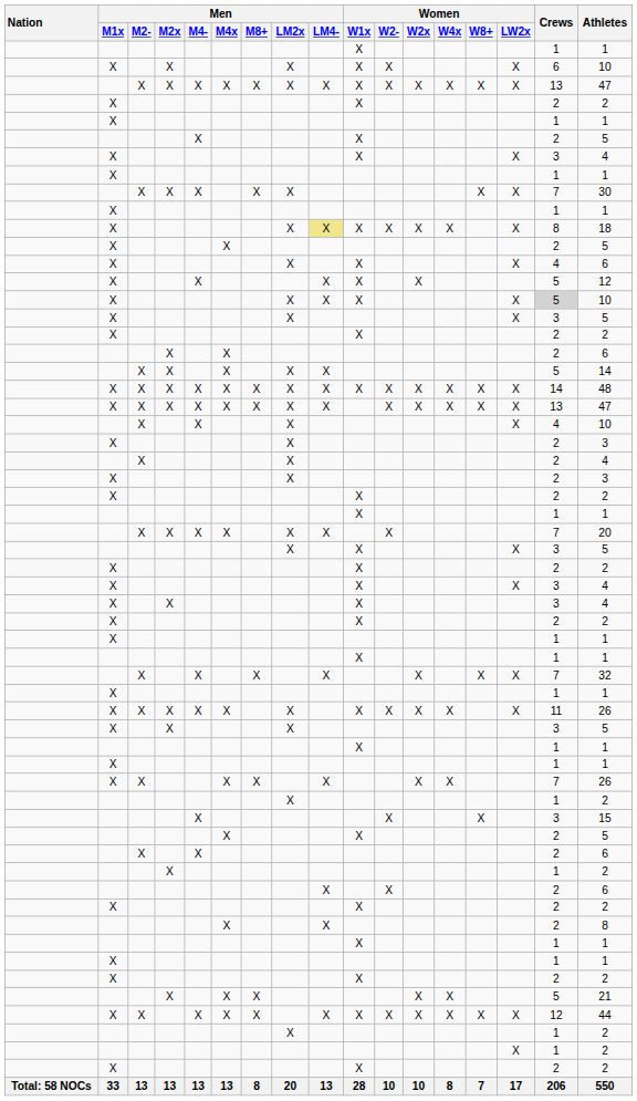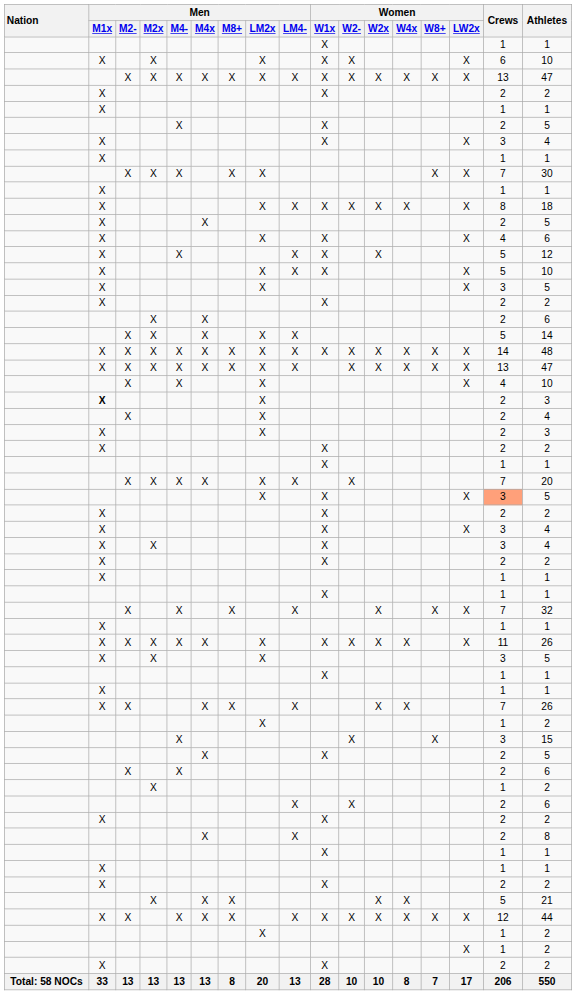 <table class="wikitable" width=800 style="text-align:center; font-size:90%">
 <tr>
 <th rowspan="2" style="text-align:left;">Nation</th>
 <th colspan="8">Men</th>
 <th colspan="6">Women</th>
 <th rowspan="2">Crews</th>
 <th rowspan=2>Athletes</th>
 </tr>
 <tr>
 <th><a href='#'>M1x</a></th>
 <th><a href='#'>M2-</a></th>
 <th><a href='#'>M2x</a></th>
 <th><a href='#'>M4-</a></th>
 <th><a href='#'>M4x</a></th>
 <th><a href='#'>M8+</a></th>
 <th><a href='#'>LM2x</a></th>
 <th><a href='#'>LM4-</a></th>
 <th><a href='#'>W1x</a></th>
 <th><a href='#'>W2-</a></th>
 <th><a href='#'>W2x</a></th>
 <th><a href='#'>W4x</a></th>
 <th><a href='#'>W8+</a></th>
 <th><a href='#'>LW2x</a></th>
 </tr>
 <tr>
 <td style="text-align:left;"></td>
 <td></td>
 <td></td>
 <td></td>
 <td></td>
 <td></td>
 <td></td>
 <td></td>
 <td></td>
 <td>X</td>
 <td></td>
 <td></td>
 <td></td>
 <td></td>
 <td></td>
 <td>1</td>
 <td>1</td>
 </tr>
 <tr>
 <td style="text-align:left;"></td>
 <td>X</td>
 <td></td>
 <td>X</td>
 <td></td>
 <td></td>
 <td></td>
 <td>X</td>
 <td></td>
 <td>X</td>
 <td>X</td>
 <td></td>
 <td></td>
 <td></td>
 <td>X</td>
 <td>6</td>
 <td>10</td>
 </tr>
 <tr>
 <td style="text-align:left;"></td>
 <td></td>
 <td>X</td>
 <td>X</td>
 <td>X</td>
 <td>X</td>
 <td>X</td>
 <td>X</td>
 <td>X</td>
 <td>X</td>
 <td>X</td>
 <td>X</td>
 <td>X</td>
 <td>X</td>
 <td>X</td>
 <td>13</td>
 <td>47</td>
 </tr>
 <tr>
 <td style="text-align:left;"></td>
 <td>X</td>
 <td></td>
 <td></td>
 <td></td>
 <td></td>
 <td></td>
 <td></td>
 <td></td>
 <td>X</td>
 <td></td>
 <td></td>
 <td></td>
 <td></td>
 <td></td>
 <td>2</td>
 <td>2</td>
 </tr>
 <tr>
 <td style="text-align:left;"></td>
 <td>X</td>
 <td></td>
 <td></td>
 <td></td>
 <td></td>
 <td></td>
 <td></td>
 <td></td>
 <td></td>
 <td></td>
 <td></td>
 <td></td>
 <td></td>
 <td></td>
 <td>1</td>
 <td>1</td>
 </tr>
 <tr>
 <td style="text-align:left;"></td>
 <td></td>
 <td></td>
 <td></td>
 <td>X</td>
 <td></td>
 <td></td>
 <td></td>
 <td></td>
 <td>X</td>
 <td></td>
 <td></td>
 <td></td>
 <td></td>
 <td></td>
 <td>2</td>
 <td>5</td>
 </tr>
 <tr>
 <td style="text-align:left;"></td>
 <td>X</td>
 <td></td>
 <td></td>
 <td></td>
 <td></td>
 <td></td>
 <td></td>
 <td></td>
 <td>X</td>
 <td></td>
 <td></td>
 <td></td>
 <td></td>
 <td>X</td>
 <td>3</td>
 <td>4</td>
 </tr>
 <tr>
 <td style="text-align:left;"></td>
 <td>X</td>
 <td></td>
 <td></td>
 <td></td>
 <td></td>
 <td></td>
 <td></td>
 <td></td>
 <td></td>
 <td></td>
 <td></td>
 <td></td>
 <td></td>
 <td></td>
 <td>1</td>
 <td>1</td>
 </tr>
 <tr>
 <td style="text-align:left;"></td>
 <td></td>
 <td>X</td>
 <td>X</td>
 <td>X</td>
 <td></td>
 <td>X</td>
 <td>X</td>
 <td></td>
 <td></td>
 <td></td>
 <td></td>
 <td></td>
 <td>X</td>
 <td>X</td>
 <td>7</td>
 <td>30</td>
 </tr>
 <tr>
 <td style="text-align:left;"></td>
 <td>X</td>
 <td></td>
 <td></td>
 <td></td>
 <td></td>
 <td></td>
 <td></td>
 <td></td>
 <td></td>
 <td></td>
 <td></td>
 <td></td>
 <td></td>
 <td></td>
 <td>1</td>
 <td>1</td>
 </tr>
 <tr>
 <td style="text-align:left;"></td>
 <td>X</td>
 <td></td>
 <td></td>
 <td></td>
 <td></td>
 <td></td>
 <td>X</td>
-<td style="background: khaki;">X</td>
+<td>X</td>
 <td>X</td>
 <td>X</td>
 <td>X</td>
 <td>X</td>
 <td></td>
 <td>X</td>
 <td>8</td>
 <td>18</td>
 </tr>
 <tr>
 <td style="text-align:left;"></td>
 <td>X</td>
 <td></td>
 <td></td>
 <td></td>
 <td>X</td>
 <td></td>
 <td></td>
 <td></td>
 <td></td>
 <td></td>
 <td></td>
 <td></td>
 <td></td>
 <td></td>
 <td>2</td>
 <td>5</td>
 </tr>
 <tr>
 <td style="text-align:left;"></td>
 <td>X</td>
 <td></td>
 <td></td>
 <td></td>
 <td></td>
 <td></td>
 <td>X</td>
 <td></td>
 <td>X</td>
 <td></td>
 <td></td>
 <td></td>
 <td></td>
 <td>X</td>
 <td>4</td>
 <td>6</td>
 </tr>
 <tr>
 <td style="text-align:left;"></td>
 <td>X</td>
 <td></td>
 <td></td>
 <td>X</td>
 <td></td>
 <td></td>
 <td></td>
 <td>X</td>
 <td>X</td>
 <td></td>
 <td>X</td>
 <td></td>
 <td></td>
 <td></td>
 <td>5</td>
 <td>12</td>
 </tr>
 <tr>
 <td style="text-align:left;"></td>
 <td>X</td>
 <td></td>
 <td></td>
 <td></td>
 <td></td>
 <td></td>
 <td>X</td>
 <td>X</td>
 <td>X</td>
 <td></td>
 <td></td>
 <td></td>
 <td></td>
 <td>X</td>
-<td style="background: lightgrey;">5</td>
+<td>5</td>
 <td>10</td>
 </tr>
 <tr>
 <td style="text-align:left;"></td>
 <td>X</td>
 <td></td>
 <td></td>
 <td></td>
 <td></td>
 <td></td>
 <td>X</td>
 <td></td>
 <td></td>
 <td></td>
 <td></td>
 <td></td>
 <td></td>
 <td>X</td>
 <td>3</td>
 <td>5</td>
 </tr>
 <tr>
 <td style="text-align:left;"></td>
 <td>X</td>
 <td></td>
 <td></td>
 <td></td>
 <td></td>
 <td></td>
 <td></td>
 <td></td>
 <td>X</td>
 <td></td>
 <td></td>
 <td></td>
 <td></td>
 <td></td>
 <td>2</td>
 <td>2</td>
 </tr>
 <tr>
 <td style="text-align:left;"></td>
 <td></td>
 <td></td>
 <td>X</td>
 <td></td>
 <td>X</td>
 <td></td>
 <td></td>
 <td></td>
 <td></td>
 <td></td>
 <td></td>
 <td></td>
 <td></td>
 <td></td>
 <td>2</td>
 <td>6</td>
 </tr>
 <tr>
 <td style="text-align:left;"></td>
 <td></td>
 <td>X</td>
 <td>X</td>
 <td></td>
 <td>X</td>
 <td></td>
 <td>X</td>
 <td>X</td>
 <td></td>
 <td></td>
 <td></td>
 <td></td>
 <td></td>
 <td></td>
 <td>5</td>
 <td>14</td>
 </tr>
 <tr>
 <td style="text-align:left;"></td>
 <td>X</td>
 <td>X</td>
 <td>X</td>
 <td>X</td>
 <td>X</td>
 <td>X</td>
 <td>X</td>
 <td>X</td>
 <td>X</td>
 <td>X</td>
 <td>X</td>
 <td>X</td>
 <td>X</td>
 <td>X</td>
 <td>14</td>
 <td>48</td>
 </tr>
 <tr>
 <td style="text-align:left;"></td>
 <td>X</td>
 <td>X</td>
 <td>X</td>
 <td>X</td>
 <td>X</td>
 <td>X</td>
 <td>X</td>
 <td>X</td>
 <td></td>
 <td>X</td>
 <td>X</td>
 <td>X</td>
 <td>X</td>
 <td>X</td>
 <td>13</td>
 <td>47</td>
 </tr>
 <tr>
 <td style="text-align:left;"></td>
 <td></td>
 <td>X</td>
 <td></td>
 <td>X</td>
 <td></td>
 <td></td>
 <td>X</td>
 <td></td>
 <td></td>
 <td></td>
 <td></td>
 <td></td>
 <td></td>
 <td>X</td>
 <td>4</td>
 <td>10</td>
 </tr>
 <tr>
 <td style="text-align:left;"></td>
-<td>X</td>
+<td><strong>X</strong></td>
 <td></td>
 <td></td>
 <td></td>
 <td></td>
 <td></td>
 <td>X</td>
 <td></td>
 <td></td>
 <td></td>
 <td></td>
 <td></td>
 <td></td>
 <td></td>
 <td>2</td>
 <td>3</td>
 </tr>
 <tr>
 <td style="text-align:left;"></td>
 <td></td>
 <td>X</td>
 <td></td>
 <td></td>
 <td></td>
 <td></td>
 <td>X</td>
 <td></td>
 <td></td>
 <td></td>
 <td></td>
 <td></td>
 <td></td>
 <td></td>
 <td>2</td>
 <td>4</td>
 </tr>
 <tr>
 <td style="text-align:left;"></td>
 <td>X</td>
 <td></td>
 <td></td>
 <td></td>
 <td></td>
 <td></td>
 <td>X</td>
 <td></td>
 <td></td>
 <td></td>
 <td></td>
 <td></td>
 <td></td>
 <td></td>
 <td>2</td>
 <td>3</td>
 </tr>
 <tr>
 <td style="text-align:left;"></td>
 <td>X</td>
 <td></td>
 <td></td>
 <td></td>
 <td></td>
 <td></td>
 <td></td>
 <td></td>
 <td>X</td>
 <td></td>
 <td></td>
 <td></td>
 <td></td>
 <td></td>
 <td>2</td>
 <td>2</td>
 </tr>
 <tr>
 <td style="text-align:left;"></td>
 <td></td>
 <td></td>
 <td></td>
 <td></td>
 <td></td>
 <td></td>
 <td></td>
 <td></td>
 <td>X</td>
 <td></td>
 <td></td>
 <td></td>
 <td></td>
 <td></td>
 <td>1</td>
 <td>1</td>
 </tr>
 <tr>
 <td style="text-align:left;"></td>
 <td></td>
 <td>X</td>
 <td>X</td>
 <td>X</td>
 <td>X</td>
 <td></td>
 <td>X</td>
 <td>X</td>
 <td></td>
 <td>X</td>
 <td></td>
 <td></td>
 <td></td>
 <td></td>
 <td>7</td>
 <td>20</td>
 </tr>
 <tr>
 <td style="text-align:left;"></td>
 <td></td>
 <td></td>
 <td></td>
 <td></td>
 <td></td>
 <td></td>
 <td>X</td>
 <td></td>
 <td>X</td>
 <td></td>
 <td></td>
 <td></td>
 <td></td>
 <td>X</td>
-<td>3</td>
+<td style="background: lightsalmon;">3</td>
 <td>5</td>
 </tr>
 <tr>
 <td style="text-align:left;"></td>
 <td>X</td>
 <td></td>
 <td></td>
 <td></td>
 <td></td>
 <td></td>
 <td></td>
 <td></td>
 <td>X</td>
 <td></td>
 <td></td>
 <td></td>
 <td></td>
 <td></td>
 <td>2</td>
 <td>2</td>
 </tr>
 <tr>
 <td style="text-align:left;"></td>
 <td>X</td>
 <td></td>
 <td></td>
 <td></td>
 <td></td>
 <td></td>
 <td></td>
 <td></td>
 <td>X</td>
 <td></td>
 <td></td>
 <td></td>
 <td></td>
 <td>X</td>
 <td>3</td>
 <td>4</td>
 </tr>
 <tr>
 <td style="text-align:left;"></td>
 <td>X</td>
 <td></td>
 <td>X</td>
 <td></td>
 <td></td>
 <td></td>
 <td></td>
 <td></td>
 <td>X</td>
 <td></td>
 <td></td>
 <td></td>
 <td></td>
 <td></td>
 <td>3</td>
 <td>4</td>
 </tr>
 <tr>
 <td style="text-align:left;"></td>
 <td>X</td>
 <td></td>
 <td></td>
 <td></td>
 <td></td>
 <td></td>
 <td></td>
 <td></td>
 <td>X</td>
 <td></td>
 <td></td>
 <td></td>
 <td></td>
 <td></td>
 <td>2</td>
 <td>2</td>
 </tr>
 <tr>
 <td style="text-align:left;"></td>
 <td>X</td>
 <td></td>
 <td></td>
 <td></td>
 <td></td>
 <td></td>
 <td></td>
 <td></td>
 <td></td>
 <td></td>
 <td></td>
 <td></td>
 <td></td>
 <td></td>
 <td>1</td>
 <td>1</td>
 </tr>
 <tr>
 <td style="text-align:left;"></td>
 <td></td>
 <td></td>
 <td></td>
 <td></td>
 <td></td>
 <td></td>
 <td></td>
 <td></td>
 <td>X</td>
 <td></td>
 <td></td>
 <td></td>
 <td></td>
 <td></td>
 <td>1</td>
 <td>1</td>
 </tr>
 <tr>
 <td style="text-align:left;"></td>
 <td></td>
 <td>X</td>
 <td></td>
 <td>X</td>
 <td></td>
 <td>X</td>
 <td></td>
 <td>X</td>
 <td></td>
 <td></td>
 <td>X</td>
 <td></td>
 <td>X</td>
 <td>X</td>
 <td>7</td>
 <td>32</td>
 </tr>
 <tr>
 <td style="text-align:left;"></td>
 <td>X</td>
 <td></td>
 <td></td>
 <td></td>
 <td></td>
 <td></td>
 <td></td>
 <td></td>
 <td></td>
 <td></td>
 <td></td>
 <td></td>
 <td></td>
 <td></td>
 <td>1</td>
 <td>1</td>
 </tr>
 <tr>
 <td style="text-align:left;"></td>
 <td>X</td>
 <td>X</td>
 <td>X</td>
 <td>X</td>
 <td>X</td>
 <td></td>
 <td>X</td>
 <td></td>
 <td>X</td>
 <td>X</td>
 <td>X</td>
 <td>X</td>
 <td></td>
 <td>X</td>
 <td>11</td>
 <td>26</td>
 </tr>
 <tr>
 <td style="text-align:left;"></td>
 <td>X</td>
 <td></td>
 <td>X</td>
 <td></td>
 <td></td>
 <td></td>
 <td>X</td>
 <td></td>
 <td></td>
 <td></td>
 <td></td>
 <td></td>
 <td></td>
 <td></td>
 <td>3</td>
 <td>5</td>
 </tr>
 <tr>
 <td style="text-align:left;"></td>
 <td></td>
 <td></td>
 <td></td>
 <td></td>
 <td></td>
 <td></td>
 <td></td>
 <td></td>
 <td>X</td>
 <td></td>
 <td></td>
 <td></td>
 <td></td>
 <td></td>
 <td>1</td>
 <td>1</td>
 </tr>
 <tr>
 <td style="text-align:left;"></td>
 <td>X</td>
 <td></td>
 <td></td>
 <td></td>
 <td></td>
 <td></td>
 <td></td>
 <td></td>
 <td></td>
 <td></td>
 <td></td>
 <td></td>
 <td></td>
 <td></td>
 <td>1</td>
 <td>1</td>
 </tr>
 <tr>
 <td style="text-align:left;"></td>
 <td>X</td>
 <td>X</td>
 <td></td>
 <td></td>
 <td>X</td>
 <td>X</td>
 <td></td>
 <td>X</td>
 <td></td>
 <td></td>
 <td>X</td>
 <td>X</td>
 <td></td>
 <td></td>
 <td>7</td>
 <td>26</td>
 </tr>
 <tr>
 <td style="text-align:left;"></td>
 <td></td>
 <td></td>
 <td></td>
 <td></td>
 <td></td>
 <td></td>
 <td>X</td>
 <td></td>
 <td></td>
 <td></td>
 <td></td>
 <td></td>
 <td></td>
 <td></td>
 <td>1</td>
 <td>2</td>
 </tr>
 <tr>
 <td style="text-align:left;"></td>
 <td></td>
 <td></td>
 <td></td>
 <td>X</td>
 <td></td>
 <td></td>
 <td></td>
 <td></td>
 <td></td>
 <td>X</td>
 <td></td>
 <td></td>
 <td>X</td>
 <td></td>
 <td>3</td>
 <td>15</td>
 </tr>
 <tr>
 <td style="text-align:left;"></td>
 <td></td>
 <td></td>
 <td></td>
 <td></td>
 <td>X</td>
 <td></td>
 <td></td>
 <td></td>
 <td>X</td>
 <td></td>
 <td></td>
 <td></td>
 <td></td>
 <td></td>
 <td>2</td>
 <td>5</td>
 </tr>
 <tr>
 <td style="text-align:left;"></td>
 <td></td>
 <td>X</td>
 <td></td>
 <td>X</td>
 <td></td>
 <td></td>
 <td></td>
 <td></td>
 <td></td>
 <td></td>
 <td></td>
 <td></td>
 <td></td>
 <td></td>
 <td>2</td>
 <td>6</td>
 </tr>
 <tr>
 <td style="text-align:left;"></td>
 <td></td>
 <td></td>
 <td>X</td>
 <td></td>
 <td></td>
 <td></td>
 <td></td>
 <td></td>
 <td></td>
 <td></td>
 <td></td>
 <td></td>
 <td></td>
 <td></td>
 <td>1</td>
 <td>2</td>
 </tr>
 <tr>
 <td style="text-align:left;"></td>
 <td></td>
 <td></td>
 <td></td>
 <td></td>
 <td></td>
 <td></td>
 <td></td>
 <td>X</td>
 <td></td>
 <td>X</td>
 <td></td>
 <td></td>
 <td></td>
 <td></td>
 <td>2</td>
 <td>6</td>
 </tr>
 <tr>
 <td style="text-align:left;"></td>
 <td>X</td>
 <td></td>
 <td></td>
 <td></td>
 <td></td>
 <td></td>
 <td></td>
 <td></td>
 <td>X</td>
 <td></td>
 <td></td>
 <td></td>
 <td></td>
 <td></td>
 <td>2</td>
 <td>2</td>
 </tr>
 <tr>
 <td style="text-align:left;"></td>
 <td></td>
 <td></td>
 <td></td>
 <td></td>
 <td>X</td>
 <td></td>
 <td></td>
 <td>X</td>
 <td></td>
 <td></td>
 <td></td>
 <td></td>
 <td></td>
 <td></td>
 <td>2</td>
 <td>8</td>
 </tr>
 <tr>
 <td style="text-align:left;"></td>
 <td></td>
 <td></td>
 <td></td>
 <td></td>
 <td></td>
 <td></td>
 <td></td>
 <td></td>
 <td>X</td>
 <td></td>
 <td></td>
 <td></td>
 <td></td>
 <td></td>
 <td>1</td>
 <td>1</td>
 </tr>
 <tr>
 <td style="text-align:left;"></td>
 <td>X</td>
 <td></td>
 <td></td>
 <td></td>
 <td></td>
 <td></td>
 <td></td>
 <td></td>
 <td></td>
 <td></td>
 <td></td>
 <td></td>
 <td></td>
 <td></td>
 <td>1</td>
 <td>1</td>
 </tr>
 <tr>
 <td style="text-align:left;"></td>
 <td>X</td>
 <td></td>
 <td></td>
 <td></td>
 <td></td>
 <td></td>
 <td></td>
 <td></td>
 <td>X</td>
 <td></td>
 <td></td>
 <td></td>
 <td></td>
 <td></td>
 <td>2</td>
 <td>2</td>
 </tr>
 <tr>
 <td style="text-align:left;"></td>
 <td></td>
 <td></td>
 <td>X</td>
 <td></td>
 <td>X</td>
 <td>X</td>
 <td></td>
 <td></td>
 <td></td>
 <td></td>
 <td>X</td>
 <td>X</td>
 <td></td>
 <td></td>
 <td>5</td>
 <td>21</td>
 </tr>
 <tr>
 <td style="text-align:left;"></td>
 <td>X</td>
 <td>X</td>
 <td></td>
 <td>X</td>
 <td>X</td>
 <td>X</td>
 <td></td>
 <td>X</td>
 <td>X</td>
 <td>X</td>
 <td>X</td>
 <td>X</td>
 <td>X</td>
 <td>X</td>
 <td>12</td>
 <td>44</td>
 </tr>
 <tr>
 <td style="text-align:left;"></td>
 <td></td>
 <td></td>
 <td></td>
 <td></td>
 <td></td>
 <td></td>
 <td>X</td>
 <td></td>
 <td></td>
 <td></td>
 <td></td>
 <td></td>
 <td></td>
 <td></td>
 <td>1</td>
 <td>2</td>
 </tr>
 <tr>
 <td style="text-align:left;"></td>
 <td></td>
 <td></td>
 <td></td>
 <td></td>
 <td></td>
 <td></td>
 <td></td>
 <td></td>
 <td></td>
 <td></td>
 <td></td>
 <td></td>
 <td></td>
 <td>X</td>
 <td>1</td>
 <td>2</td>
 </tr>
 <tr>
 <td style="text-align:left;"></td>
 <td>X</td>
 <td></td>
 <td></td>
 <td></td>
 <td></td>
 <td></td>
 <td></td>
 <td></td>
 <td>X</td>
 <td></td>
 <td></td>
 <td></td>
 <td></td>
 <td></td>
 <td>2</td>
 <td>2</td>
 </tr>
 <tr>
 <th>Total: 58 NOCs</th>
 <th>33</th>
 <th>13</th>
 <th>13</th>
 <th>13</th>
 <th>13</th>
 <th>8</th>
 <th>20</th>
 <th>13</th>
 <th>28</th>
 <th>10</th>
 <th>10</th>
 <th>8</th>
 <th>7</th>
 <th>17</th>
 <th>206</th>
 <th>550</th>
 </tr>
 </table>
